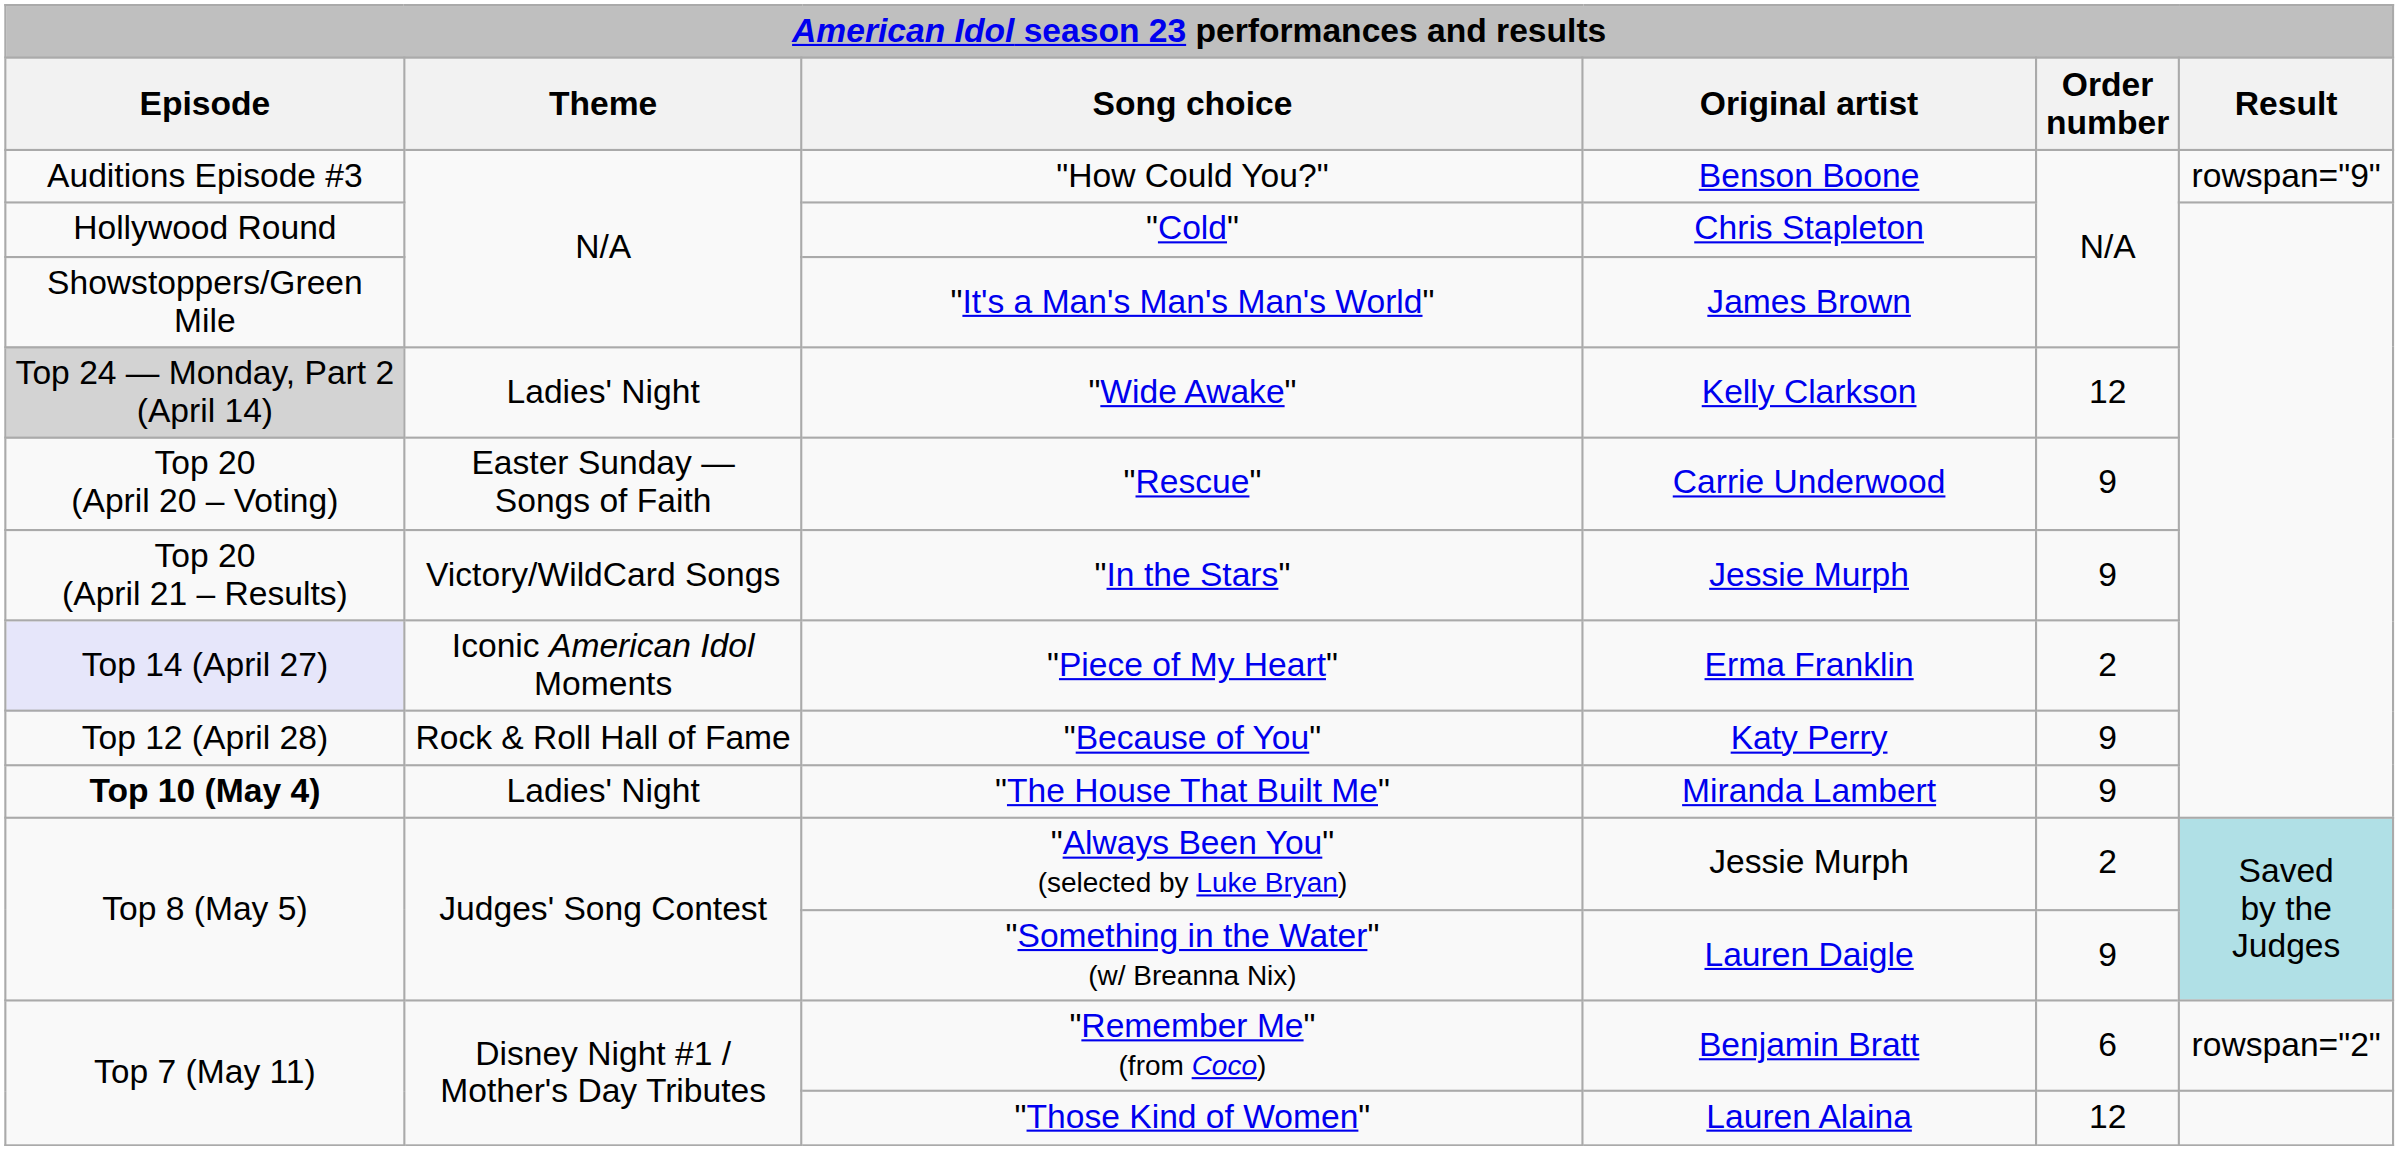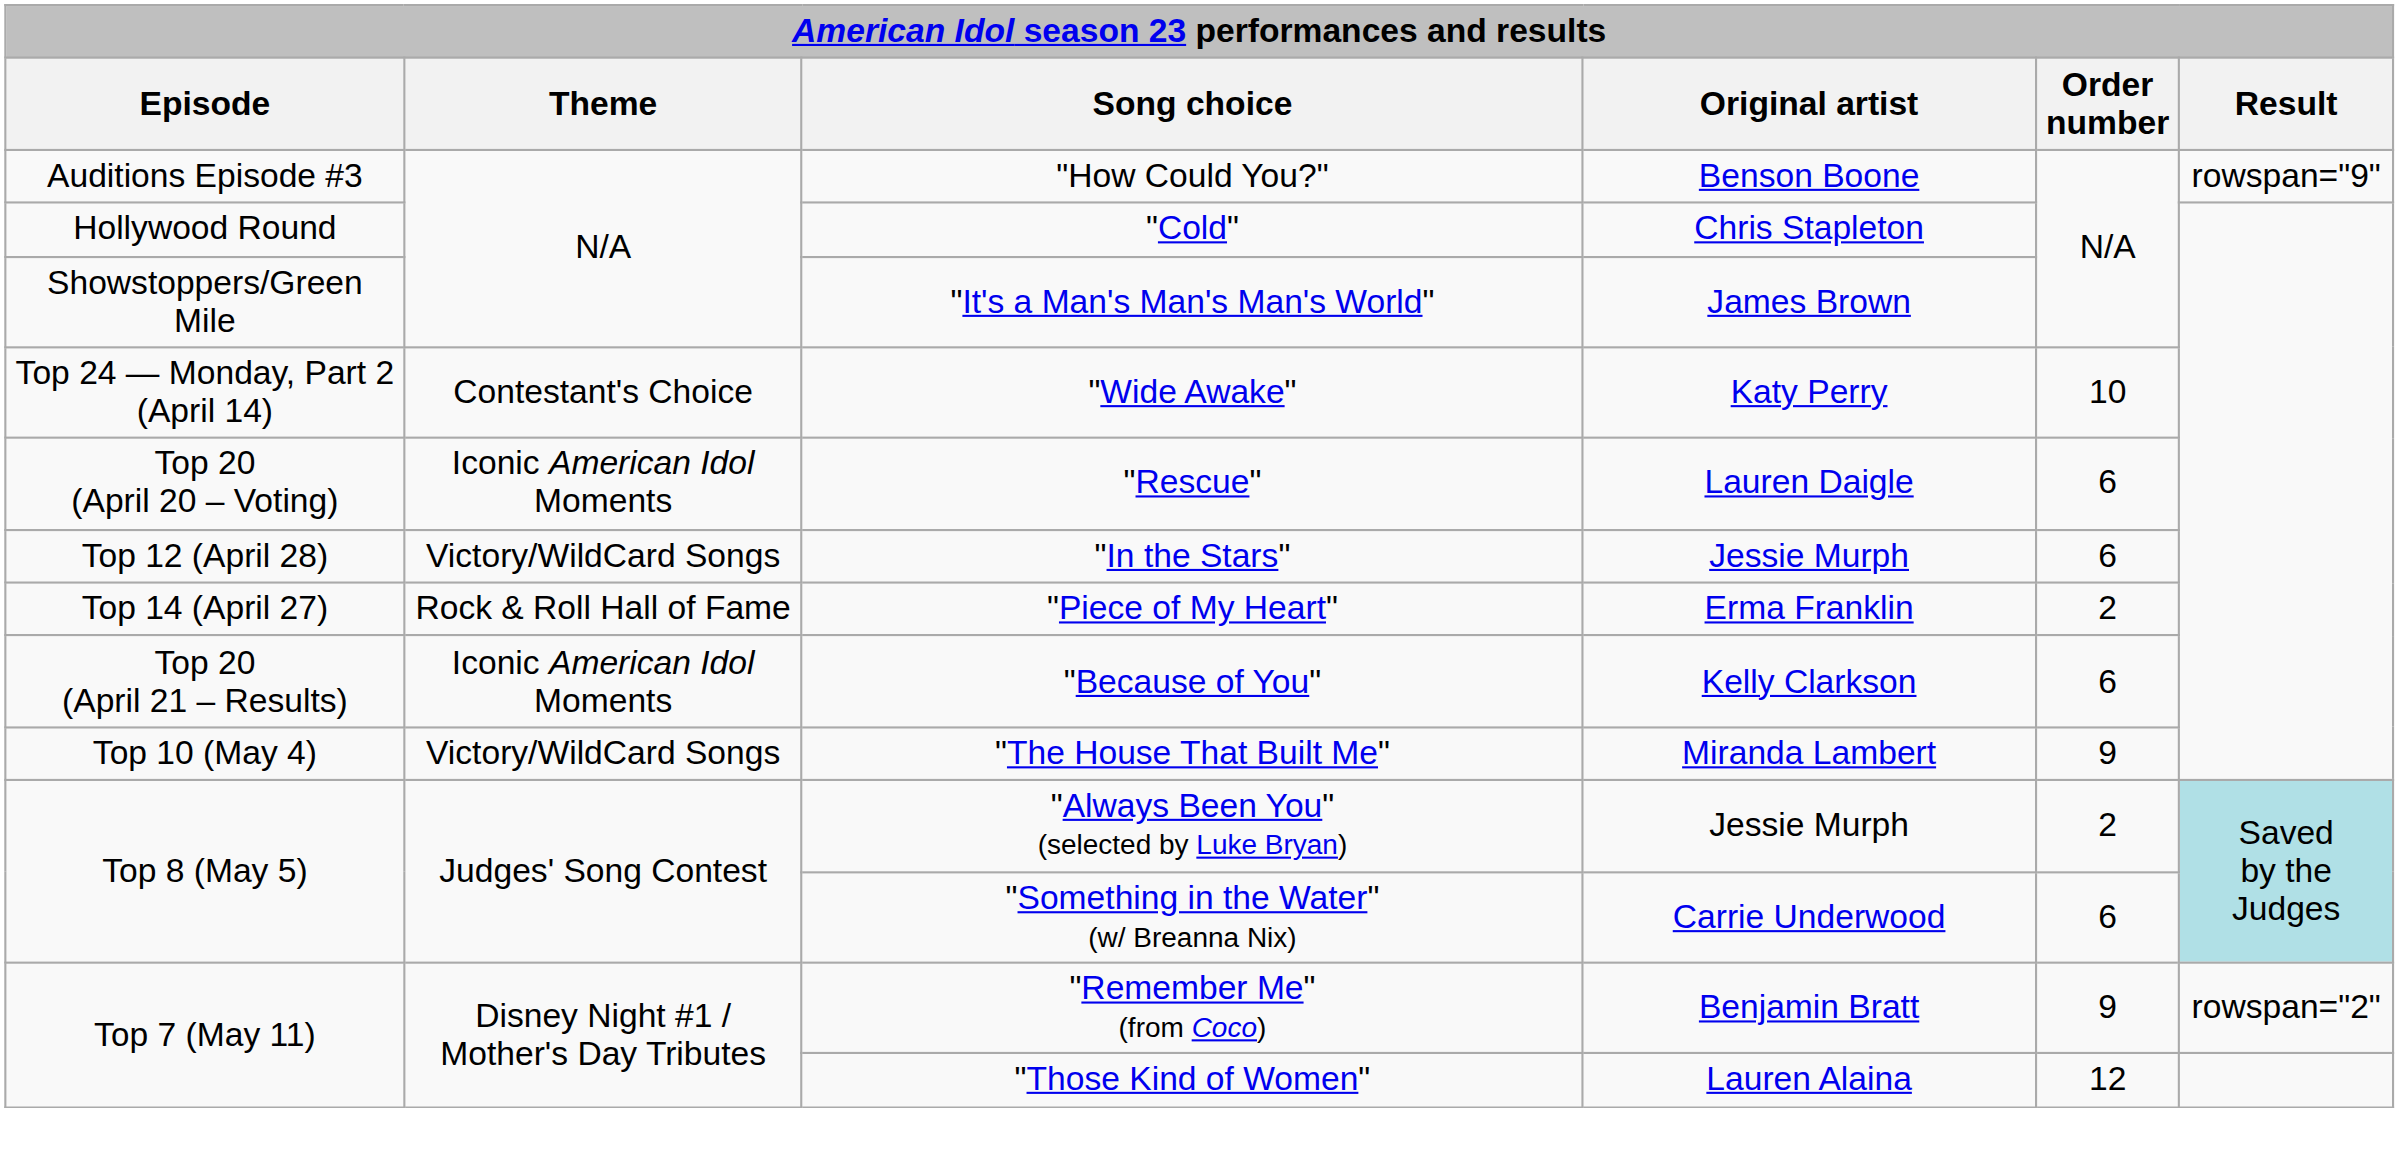 <table class="wikitable" style="width:90%; margin:1em auto 1em auto; text-align: center;">
 <tr>
 <th colspan="6" style="background:#BFBFBF;"><a href='#'><em>American Idol</em> season 23</a> performances and results</th>
 </tr>
 <tr>
 <th style="width:175px;">Episode</th>
 <th style="width:175px;">Theme</th>
 <th style="width:350px;">Song choice</th>
 <th style="width:200px;">Original artist</th>
 <th style="width:040px;">Order number</th>
 <th style="width:060px;">Result</th>
 </tr>
 <tr>
 <td>Auditions Episode #3</td>
 <td rowspan="3">N/A</td>
 <td>"How Could You?"</td>
 <td><a href='#'>Benson Boone</a></td>
 <td rowspan="3">N/A</td>
 <td>rowspan="9" </td>
 </tr>
 <tr>
 <td>Hollywood Round</td>
 <td>"<a href='#'>Cold</a>"</td>
 <td><a href='#'>Chris Stapleton</a></td>
 </tr>
 <tr>
 <td>Showstoppers/Green Mile</td>
 <td>"<a href='#'>It's a Man's Man's Man's World</a>"</td>
 <td><a href='#'>James Brown</a></td>
 </tr>
 <tr>
-<td style="background: lightgrey;">Top 24 — Monday, Part 2<br>(April 14)</td>
-<td>Ladies' Night</td>
+<td>Top 24 — Monday, Part 2<br>(April 14)</td>
+<td>Contestant's Choice</td>
 <td>"<a href='#'>Wide Awake</a>"</td>
-<td><a href='#'>Kelly Clarkson</a></td>
-<td>12</td>
+<td><a href='#'>Katy Perry</a></td>
+<td>10</td>
 </tr>
 <tr>
 <td>Top 20<br>(April 20 – Voting)</td>
-<td>Easter Sunday —<br>Songs of Faith</td>
+<td>Iconic <em>American Idol</em> Moments</td>
 <td>"<a href='#'>Rescue</a>"</td>
-<td><a href='#'>Carrie Underwood</a></td>
-<td>9</td>
+<td><a href='#'>Lauren Daigle</a></td>
+<td>6</td>
 </tr>
 <tr>
-<td>Top 20<br>(April 21 – Results)</td>
+<td>Top 12 (April 28)</td>
 <td>Victory/WildCard Songs</td>
 <td>"<a href='#'>In the Stars</a>"</td>
 <td><a href='#'>Jessie Murph</a></td>
-<td>9</td>
+<td>6</td>
 </tr>
 <tr>
-<td style="background: lavender;">Top 14 (April 27)</td>
-<td>Iconic <em>American Idol</em> Moments</td>
+<td>Top 14 (April 27)</td>
+<td>Rock & Roll Hall of Fame</td>
 <td>"<a href='#'>Piece of My Heart</a>"</td>
 <td><a href='#'>Erma Franklin</a></td>
 <td>2</td>
 </tr>
 <tr>
-<td>Top 12 (April 28)</td>
-<td>Rock & Roll Hall of Fame</td>
+<td>Top 20<br>(April 21 – Results)</td>
+<td>Iconic <em>American Idol</em> Moments</td>
 <td>"<a href='#'>Because of You</a>"</td>
-<td><a href='#'>Katy Perry</a></td>
-<td>9</td>
+<td><a href='#'>Kelly Clarkson</a></td>
+<td>6</td>
 </tr>
 <tr>
-<td><strong>Top 10 (May 4)</strong></td>
-<td>Ladies' Night</td>
+<td>Top 10 (May 4)</td>
+<td>Victory/WildCard Songs</td>
 <td>"<a href='#'>The House That Built Me</a>"</td>
 <td><a href='#'>Miranda Lambert</a></td>
 <td>9</td>
 </tr>
 <tr>
 <td rowspan="2">Top 8 (May 5)</td>
 <td rowspan="2">Judges' Song Contest</td>
 <td>"<a href='#'>Always Been You</a>"<br><small>(selected by <a href='#'>Luke Bryan</a>)</small></td>
 <td>Jessie Murph</td>
 <td>2</td>
 <td style="background:#B0E0E6;" rowspan="2">Saved<br>by the<br>Judges</td>
 </tr>
 <tr>
 <td>"<a href='#'>Something in the Water</a>"<br><small>(w/ Breanna Nix)</small></td>
-<td><a href='#'>Lauren Daigle</a></td>
-<td>9</td>
+<td><a href='#'>Carrie Underwood</a></td>
+<td>6</td>
 </tr>
 <tr>
 <td rowspan="2">Top 7 (May 11)</td>
 <td rowspan="2">Disney Night #1 /<br>Mother's Day Tributes</td>
 <td>"<a href='#'>Remember Me</a>"<br><small>(from <em><a href='#'>Coco</a></em>)</small></td>
 <td><a href='#'>Benjamin Bratt</a></td>
-<td>6</td>
+<td>9</td>
 <td>rowspan="2" </td>
 </tr>
 <tr>
 <td>"<a href='#'>Those Kind of Women</a>"</td>
 <td><a href='#'>Lauren Alaina</a></td>
 <td>12</td>
 </tr>
 </table>
